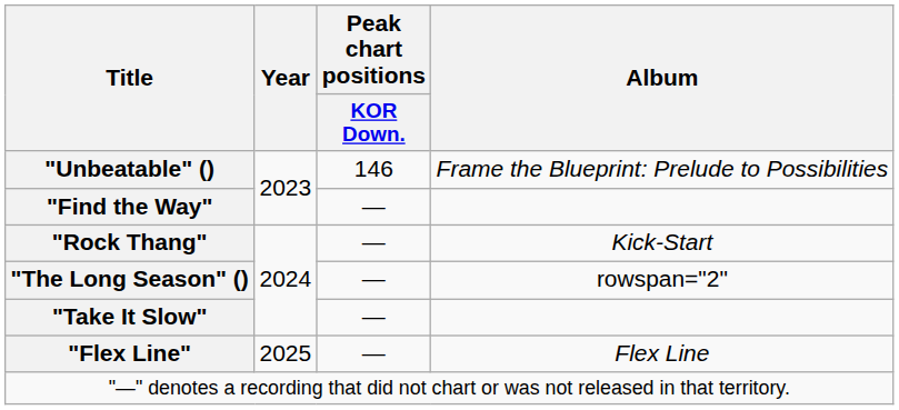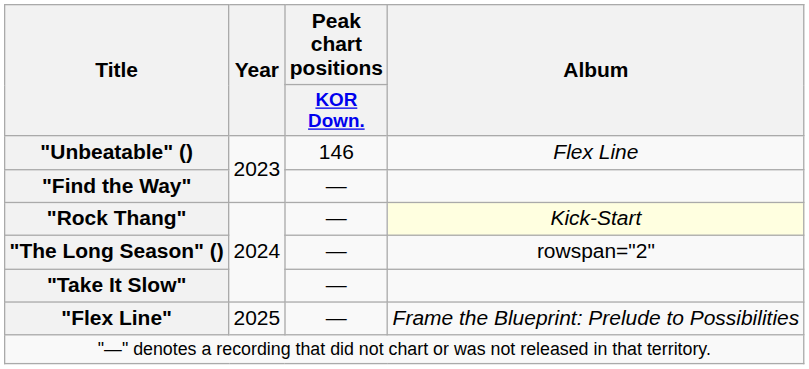 <table class="wikitable plainrowheaders" style="text-align:center">
 <tr>
 <th scope="col" rowspan="2">Title</th>
 <th scope="col" rowspan="2">Year</th>
 <th scope="col" colspan="1">Peak chart<br>positions</th>
 <th scope="col" rowspan="2">Album</th>
 </tr>
 <tr>
 <th scope="col" style="width:3em;font-size:90%;"><a href='#'>KOR<br>Down.</a><br></th>
 </tr>
 <tr>
 <th scope="row">"Unbeatable" ()</th>
 <td rowspan="2">2023</td>
 <td>146</td>
-<td><em>Frame the Blueprint: Prelude to Possibilities</em></td>
+<td><em>Flex Line</em></td>
 </tr>
 <tr>
 <th scope="row">"Find the Way"</th>
 <td>—</td>
 <td></td>
 </tr>
 <tr>
 <th scope="row">"Rock Thang"</th>
 <td rowspan="3">2024</td>
 <td>—</td>
-<td><em>Kick-Start</em></td>
+<td style="background: lightyellow;"><em>Kick-Start</em></td>
 </tr>
 <tr>
 <th scope="row">"The Long Season" ()</th>
 <td>—</td>
 <td>rowspan="2" </td>
 </tr>
 <tr>
 <th scope="row">"Take It Slow"</th>
 <td>—</td>
 </tr>
 <tr>
 <th scope="row">"Flex Line"</th>
 <td>2025</td>
 <td>—</td>
-<td><em>Flex Line</em></td>
+<td><em>Frame the Blueprint: Prelude to Possibilities</em></td>
 </tr>
 <tr>
 <td colspan="4" style="font-size:85%">"—" denotes a recording that did not chart or was not released in that territory.</td>
 </tr>
 </table>
